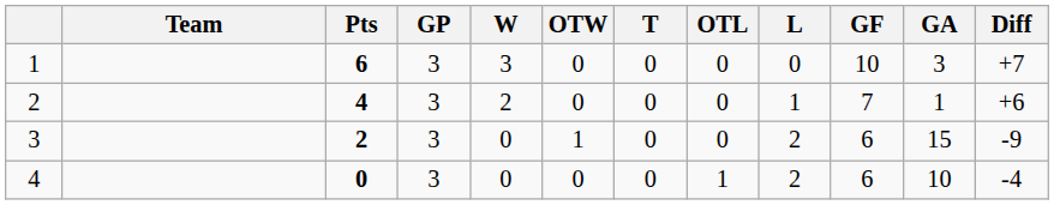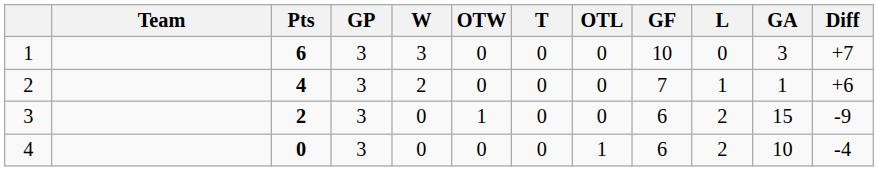 <table class="wikitable" style="text-align:center;">
 <tr>
 <th width=30></th>
 <th width=165>Team</th>
 <th width=40>Pts</th>
 <th width=40>GP</th>
 <th width=40>W</th>
 <th width=40>OTW</th>
 <th width=40>T</th>
 <th width=40>OTL</th>
+<th width=40>GF</th>
 <th width=40>L</th>
-<th width=40>GF</th>
 <th width=40>GA</th>
 <th width=40>Diff</th>
 </tr>
 <tr>
 <td>1</td>
 <td style="text-align:left;"></td>
 <td><strong>6</strong></td>
 <td>3</td>
 <td>3</td>
 <td>0</td>
 <td>0</td>
 <td>0</td>
+<td>10</td>
 <td>0</td>
-<td>10</td>
 <td>3</td>
 <td>+7</td>
 </tr>
 <tr>
 <td>2</td>
 <td style="text-align:left;"></td>
 <td><strong>4</strong></td>
 <td>3</td>
 <td>2</td>
 <td>0</td>
 <td>0</td>
 <td>0</td>
+<td>7</td>
 <td>1</td>
-<td>7</td>
 <td>1</td>
 <td>+6</td>
 </tr>
 <tr>
 <td>3</td>
 <td style="text-align:left;"></td>
 <td><strong>2</strong></td>
 <td>3</td>
 <td>0</td>
 <td>1</td>
 <td>0</td>
 <td>0</td>
+<td>6</td>
 <td>2</td>
-<td>6</td>
 <td>15</td>
 <td>-9</td>
 </tr>
 <tr>
 <td>4</td>
 <td style="text-align:left;"></td>
 <td><strong>0</strong></td>
 <td>3</td>
 <td>0</td>
 <td>0</td>
 <td>0</td>
 <td>1</td>
+<td>6</td>
 <td>2</td>
-<td>6</td>
 <td>10</td>
 <td>-4</td>
 </tr>
 </table>
